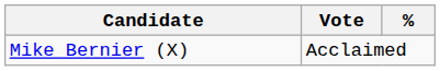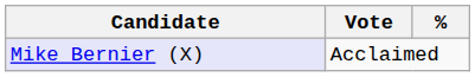 <table class="wikitable">
 <tr>
 <th bgcolor="#DDDDFF" width="200px">Candidate</th>
 <th bgcolor="#DDDDFF" width="50px">Vote</th>
 <th bgcolor="#DDDDFF" width="30px">%</th>
 </tr>
 <tr>
-<td><a href='#'>Mike Bernier</a> (X)</td>
+<td style="background: lavender;"><a href='#'>Mike Bernier</a> (X)</td>
 <td colspan="2">Acclaimed</td>
 </tr>
 </table>
